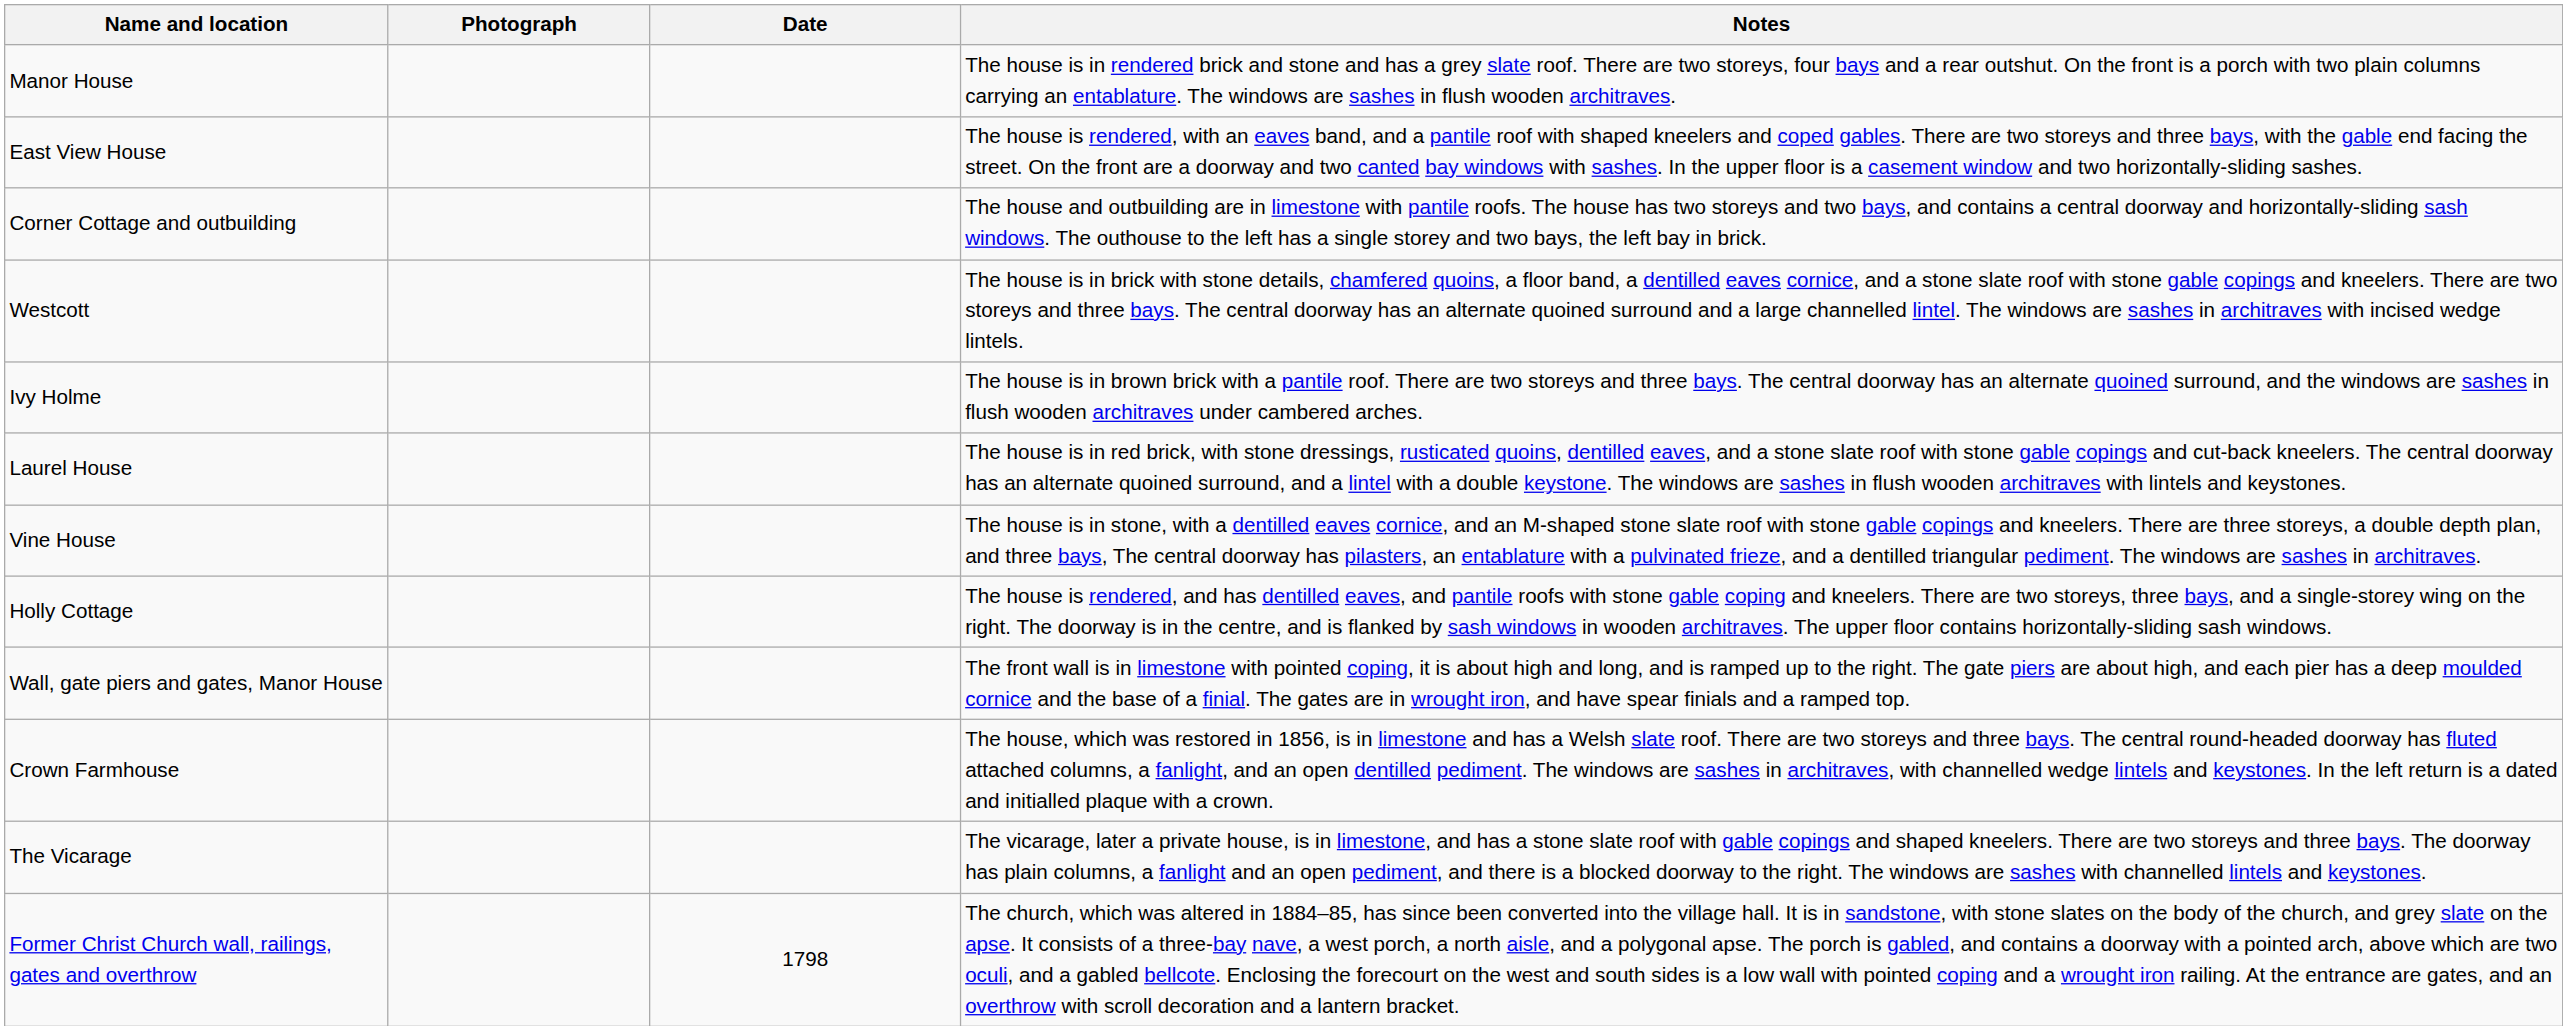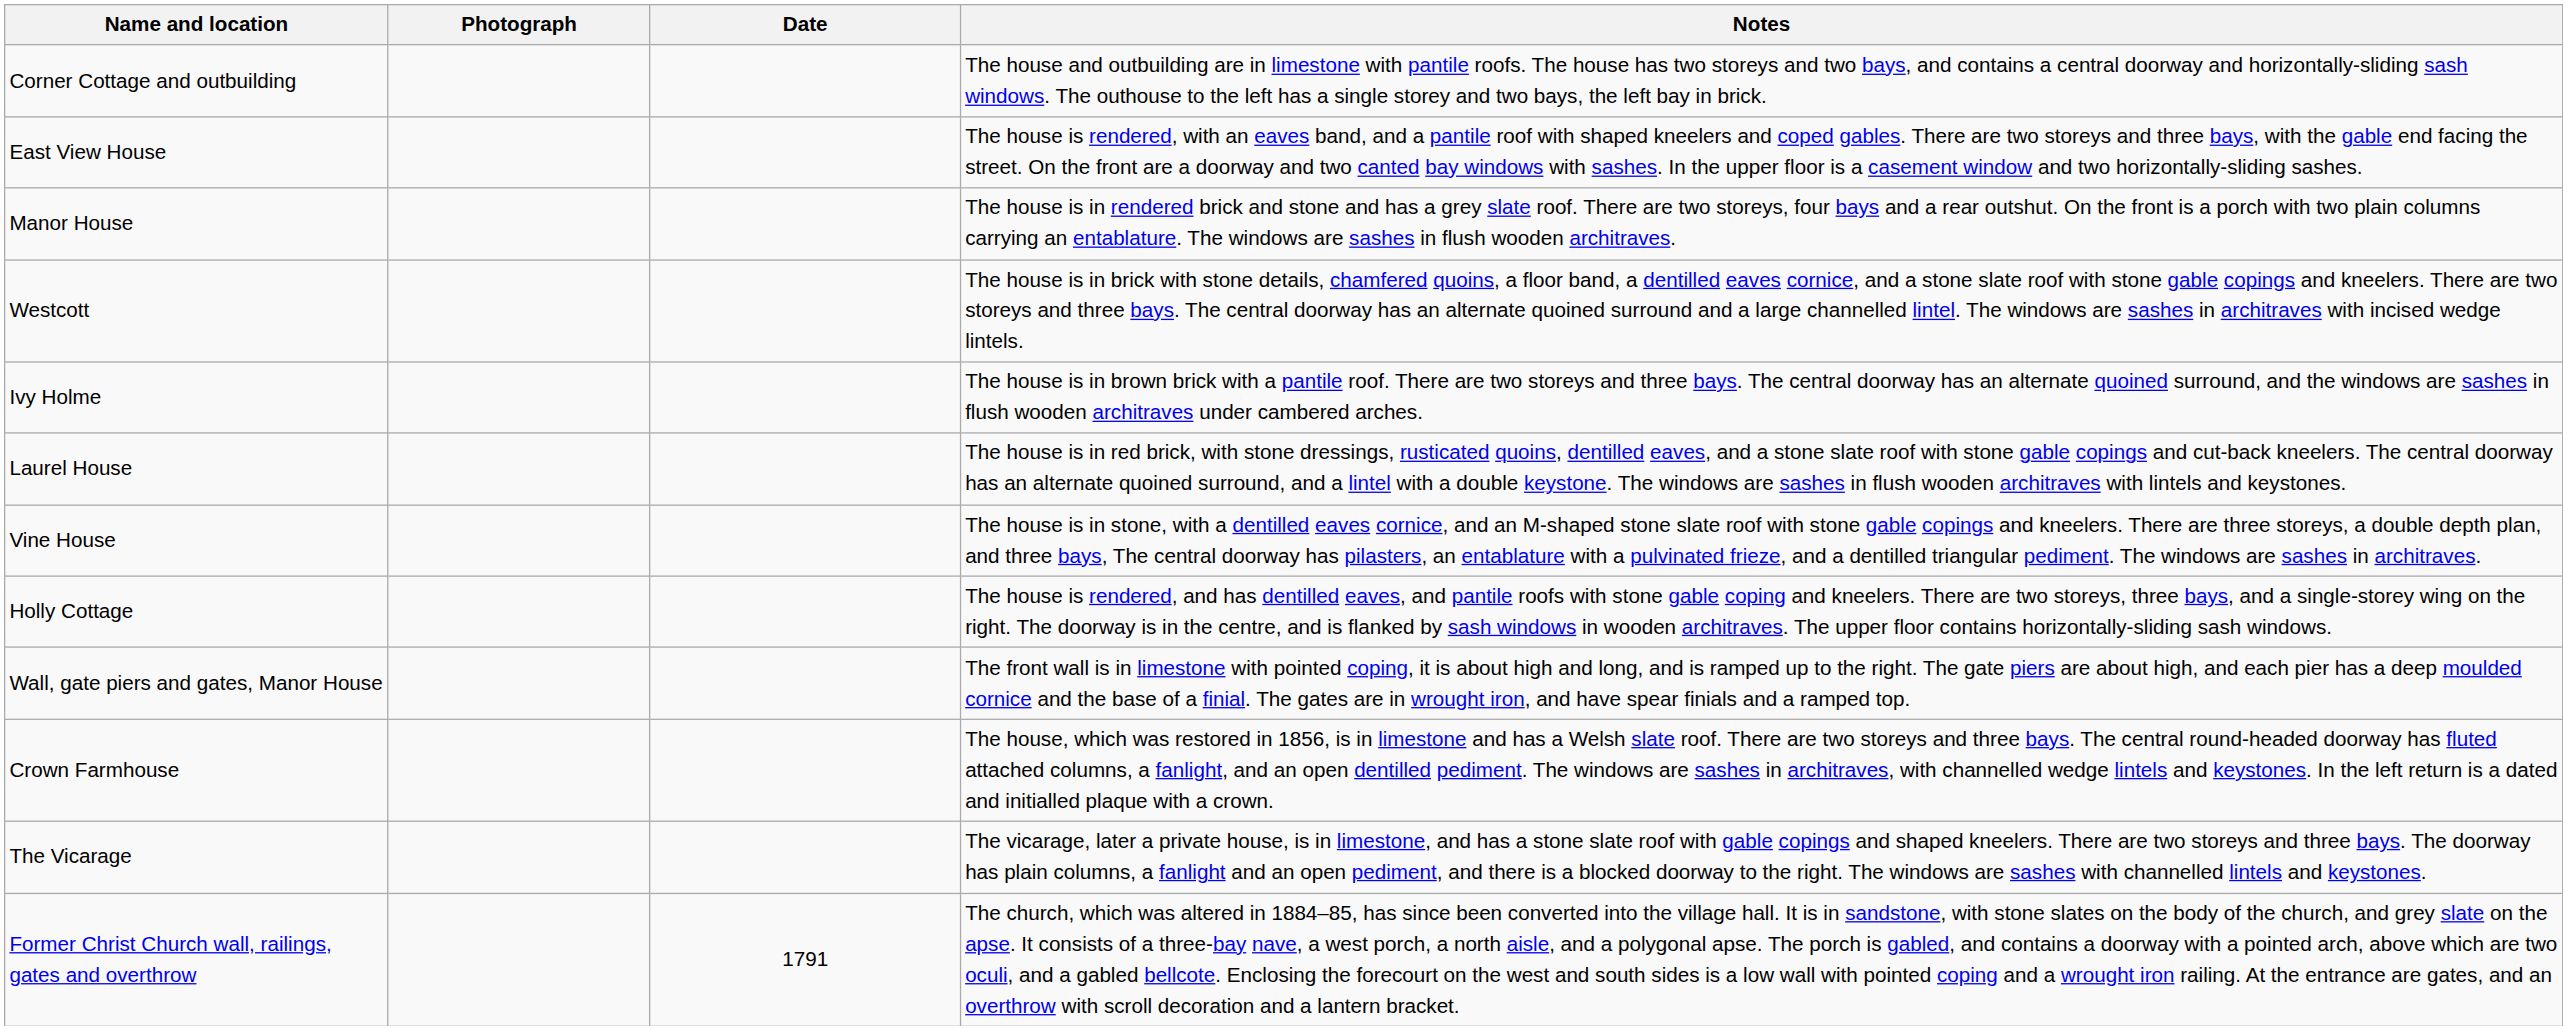 <table class="wikitable sortable plainrowheaders" style="width:100%;border:0px;text-align:left;line-height:150%;">
 <tr>
 <th scope="col"  style="width:150px">Name and location</th>
 <th scope="col"  style="width:100px" class="unsortable">Photograph</th>
 <th scope="col"  style="width:120px">Date</th>
 <th scope="col"  style="width:650px" class="unsortable">Notes</th>
 </tr>
 <tr>
-<td>Manor House<br><small></small></td>
+<td>Corner Cottage and outbuilding<br><small></small></td>
 <td></td>
 <td align="center"></td>
-<td>The house is in <a href='#'>rendered</a> brick and stone and has a grey <a href='#'>slate</a> roof.  There are two storeys, four <a href='#'>bays</a> and a rear outshut.  On the front is a porch with two plain columns carrying an <a href='#'>entablature</a>.  The windows are <a href='#'>sashes</a> in flush wooden <a href='#'>architraves</a>.</td>
+<td>The house and outbuilding are in <a href='#'>limestone</a> with <a href='#'>pantile</a> roofs.  The house has two storeys and two <a href='#'>bays</a>, and contains a central doorway and horizontally-sliding <a href='#'>sash windows</a>.  The outhouse to the left has a single storey and two bays, the left bay in brick.</td>
 </tr>
 <tr>
 <td>East View House<br><small></small></td>
 <td></td>
 <td align="center"></td>
 <td>The house is <a href='#'>rendered</a>, with an <a href='#'>eaves</a> band, and a <a href='#'>pantile</a> roof with shaped kneelers and <a href='#'>coped</a> <a href='#'>gables</a>.  There are two storeys and three <a href='#'>bays</a>, with the <a href='#'>gable</a> end facing the street.  On the front are a doorway and two <a href='#'>canted</a> <a href='#'>bay windows</a> with <a href='#'>sashes</a>.  In the upper floor is a <a href='#'>casement window</a> and two horizontally-sliding sashes.</td>
 </tr>
 <tr>
-<td>Corner Cottage and outbuilding<br><small></small></td>
+<td>Manor House<br><small></small></td>
 <td></td>
 <td align="center"></td>
-<td>The house and outbuilding are in <a href='#'>limestone</a> with <a href='#'>pantile</a> roofs.  The house has two storeys and two <a href='#'>bays</a>, and contains a central doorway and horizontally-sliding <a href='#'>sash windows</a>.  The outhouse to the left has a single storey and two bays, the left bay in brick.</td>
+<td>The house is in <a href='#'>rendered</a> brick and stone and has a grey <a href='#'>slate</a> roof.  There are two storeys, four <a href='#'>bays</a> and a rear outshut.  On the front is a porch with two plain columns carrying an <a href='#'>entablature</a>.  The windows are <a href='#'>sashes</a> in flush wooden <a href='#'>architraves</a>.</td>
 </tr>
 <tr>
 <td>Westcott<br><small></small></td>
 <td></td>
 <td align="center"></td>
 <td>The house is in brick with stone details, <a href='#'>chamfered</a> <a href='#'>quoins</a>, a floor band, a <a href='#'>dentilled</a> <a href='#'>eaves</a> <a href='#'>cornice</a>, and a stone slate roof with stone <a href='#'>gable</a> <a href='#'>copings</a> and kneelers.  There are two storeys and three <a href='#'>bays</a>.  The central doorway has an alternate quoined surround and a large channelled <a href='#'>lintel</a>.  The windows are <a href='#'>sashes</a> in <a href='#'>architraves</a> with incised wedge lintels.</td>
 </tr>
 <tr>
 <td>Ivy Holme<br><small></small></td>
 <td></td>
 <td align="center"></td>
 <td>The house is in brown brick with a <a href='#'>pantile</a> roof.  There are two storeys and three <a href='#'>bays</a>.  The central doorway has an alternate <a href='#'>quoined</a> surround, and  the windows are <a href='#'>sashes</a> in flush wooden <a href='#'>architraves</a> under cambered arches.</td>
 </tr>
 <tr>
 <td>Laurel House<br><small></small></td>
 <td></td>
 <td align="center"></td>
 <td>The house is in red brick, with stone dressings, <a href='#'>rusticated</a> <a href='#'>quoins</a>, <a href='#'>dentilled</a> <a href='#'>eaves</a>, and a stone slate roof with stone <a href='#'>gable</a> <a href='#'>copings</a> and cut-back kneelers.  The central doorway has an alternate quoined surround, and a <a href='#'>lintel</a> with a double <a href='#'>keystone</a>.  The windows are <a href='#'>sashes</a> in flush wooden <a href='#'>architraves</a> with lintels and keystones.</td>
 </tr>
 <tr>
 <td>Vine House<br><small></small></td>
 <td></td>
 <td align="center"></td>
 <td>The house is in stone, with a <a href='#'>dentilled</a> <a href='#'>eaves</a> <a href='#'>cornice</a>, and an M-shaped stone slate roof with stone <a href='#'>gable</a> <a href='#'>copings</a> and kneelers.  There are three storeys, a double depth plan, and three <a href='#'>bays</a>,  The central doorway has <a href='#'>pilasters</a>, an <a href='#'>entablature</a> with a <a href='#'>pulvinated frieze</a>, and a dentilled triangular <a href='#'>pediment</a>.  The windows are <a href='#'>sashes</a> in <a href='#'>architraves</a>.</td>
 </tr>
 <tr>
 <td>Holly Cottage<br><small></small></td>
 <td></td>
 <td align="center"></td>
 <td>The house is <a href='#'>rendered</a>, and has <a href='#'>dentilled</a> <a href='#'>eaves</a>, and <a href='#'>pantile</a> roofs with stone <a href='#'>gable</a> <a href='#'>coping</a> and kneelers.  There are two storeys, three <a href='#'>bays</a>, and a single-storey wing on the right.  The doorway is in the centre, and is flanked by <a href='#'>sash windows</a> in wooden <a href='#'>architraves</a>.  The upper floor contains horizontally-sliding sash windows.</td>
 </tr>
 <tr>
 <td>Wall, gate piers and gates, Manor House<br><small></small></td>
 <td></td>
 <td align="center"></td>
 <td>The front wall is in <a href='#'>limestone</a> with pointed <a href='#'>coping</a>, it is about  high and  long, and is ramped up to the right.  The gate <a href='#'>piers</a> are about  high, and each pier has a deep <a href='#'>moulded</a> <a href='#'>cornice</a> and the base of a <a href='#'>finial</a>.  The gates are in <a href='#'>wrought iron</a>, and have spear finials and a ramped top.</td>
 </tr>
 <tr>
 <td>Crown Farmhouse<br><small></small></td>
 <td></td>
 <td align="center"></td>
 <td>The house, which was restored in 1856, is in <a href='#'>limestone</a> and has a Welsh <a href='#'>slate</a> roof.  There are two storeys and three <a href='#'>bays</a>.  The central round-headed doorway has <a href='#'>fluted</a> attached columns, a <a href='#'>fanlight</a>, and an open <a href='#'>dentilled</a> <a href='#'>pediment</a>.  The windows are <a href='#'>sashes</a> in <a href='#'>architraves</a>, with channelled wedge <a href='#'>lintels</a> and <a href='#'>keystones</a>.  In the left return is a dated and initialled plaque with a crown.</td>
 </tr>
 <tr>
 <td>The Vicarage<br><small></small></td>
 <td></td>
 <td align="center"></td>
 <td>The vicarage, later a private house, is in <a href='#'>limestone</a>, and has a stone slate roof with <a href='#'>gable</a> <a href='#'>copings</a> and shaped kneelers.  There are two storeys and three <a href='#'>bays</a>.  The doorway has plain columns, a <a href='#'>fanlight</a> and an open <a href='#'>pediment</a>, and there is a blocked doorway to the right.  The windows are <a href='#'>sashes</a> with channelled <a href='#'>lintels</a> and <a href='#'>keystones</a>.</td>
 </tr>
 <tr>
 <td><a href='#'>Former Christ Church wall, railings, gates and overthrow</a><br><small></small></td>
 <td></td>
-<td align="center">1798</td>
+<td align="center">1791</td>
 <td>The church, which was altered in 1884–85, has since been converted into the village hall.  It is in <a href='#'>sandstone</a>, with stone slates on the body of the church, and grey <a href='#'>slate</a> on the <a href='#'>apse</a>.  It consists of a three-<a href='#'>bay</a> <a href='#'>nave</a>, a west porch, a north <a href='#'>aisle</a>, and a polygonal apse.  The porch is <a href='#'>gabled</a>, and contains a doorway with a pointed arch, above which are two <a href='#'>oculi</a>, and a gabled <a href='#'>bellcote</a>.  Enclosing the forecourt on the west and south sides is a low wall with pointed <a href='#'>coping</a> and a <a href='#'>wrought iron</a> railing.  At the entrance are gates, and an <a href='#'>overthrow</a> with scroll decoration and a lantern bracket.</td>
 </tr>
 <tr>
 </tr>
 </table>
